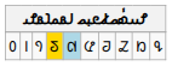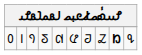 <table class="wikitable">
 <tr>
 <th colspan=10>𐴌𐴟𐴇𐴥𐴝𐴚𐴒𐴙𐴝 𐴓𐴡𐴔𐴁𐴡𐴌𐴢</th>
 </tr>
 <tr>
 </tr>
 <tr align=center | >
 <td>𐴰</td>
 <td>𐴱</td>
 <td>𐴲</td>
-<td style="background: gold;">𐴳</td>
-<td style="background: lightblue;">𐴴</td>
+<td>𐴳</td>
+<td>𐴴</td>
 <td>𐴵</td>
 <td>𐴶</td>
 <td>𐴷</td>
-<td>𐴸</td>
+<td><strong>𐴸</strong></td>
 <td>𐴹</td>
 </tr>
 </table>
